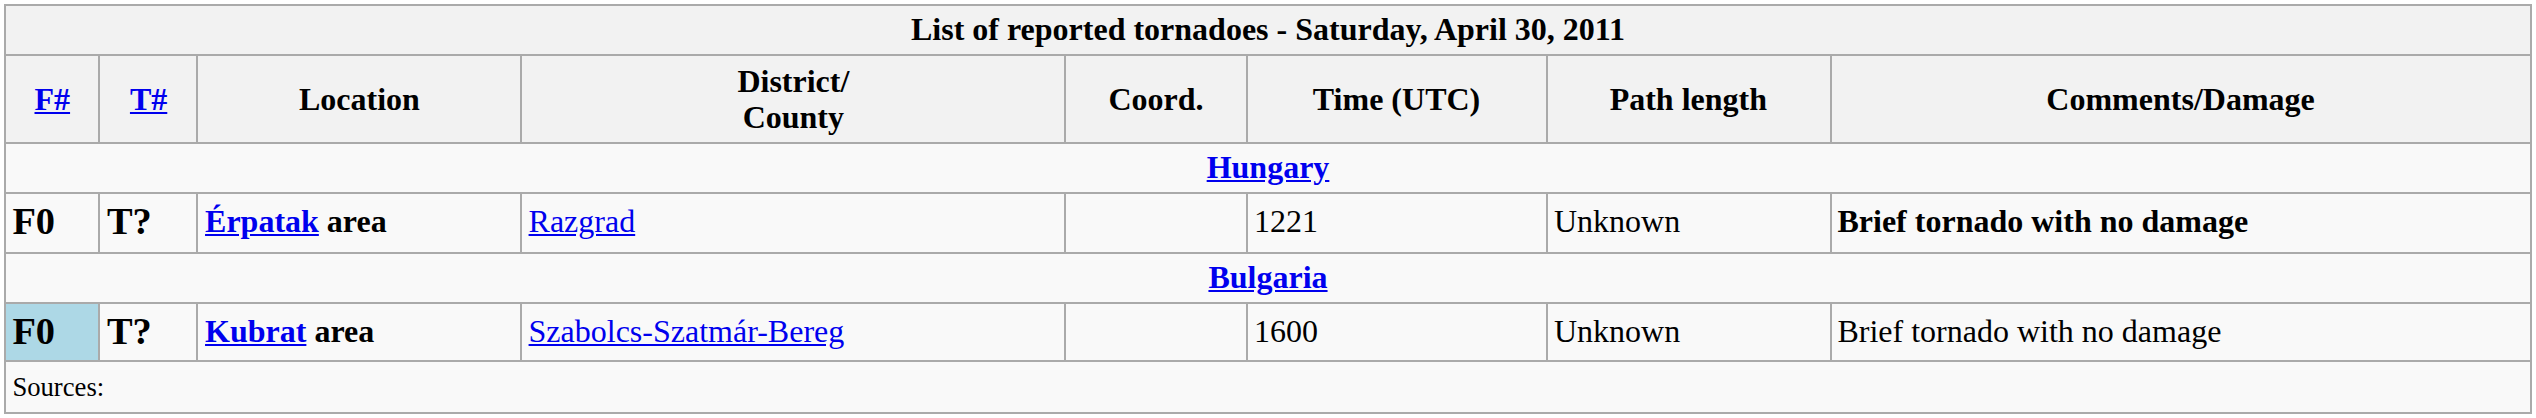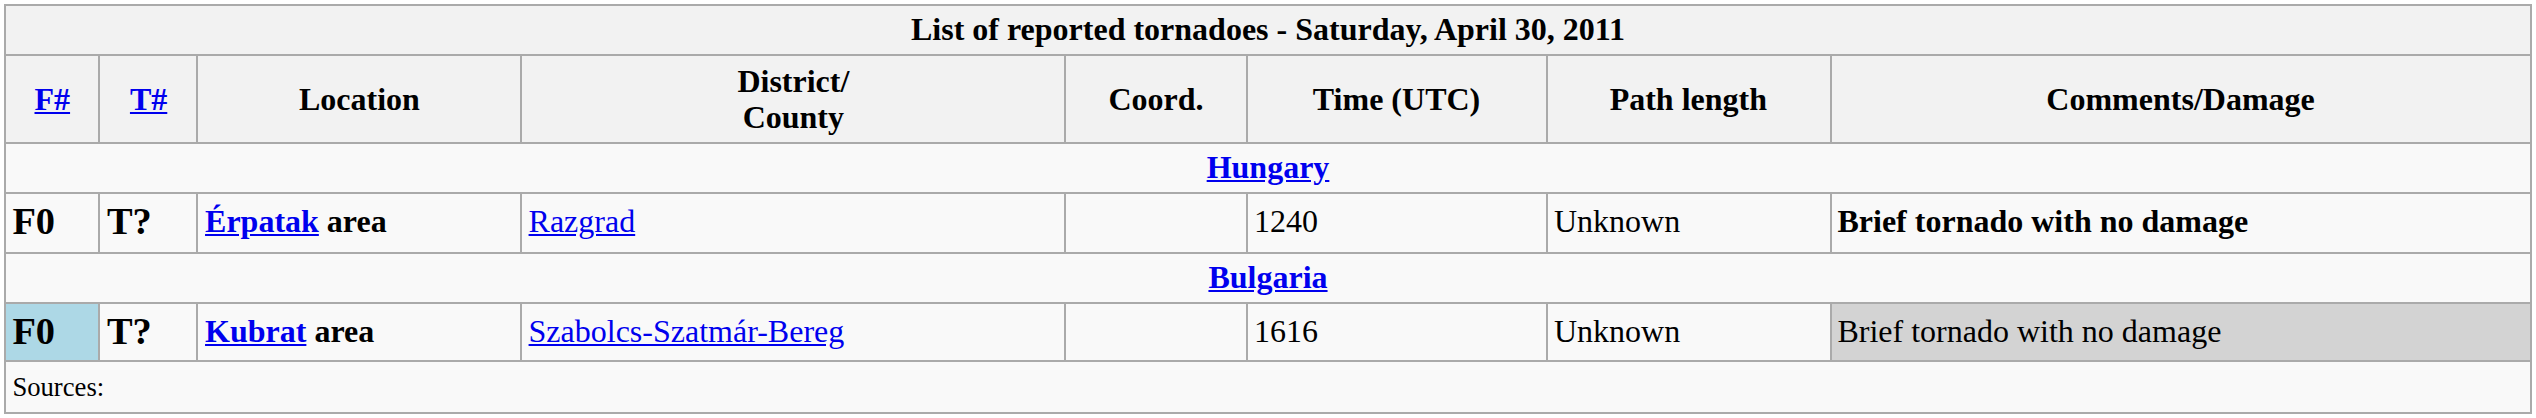 <table class="wikitable collapsible" width="100%">
 <tr>
 <th colspan="8">List of reported tornadoes - Saturday, April 30, 2011</th>
 </tr>
 <tr>
 <th><a href='#'>F#</a></th>
 <th><a href='#'>T#</a></th>
 <th>Location</th>
 <th>District/<br>County</th>
 <th>Coord.</th>
 <th>Time (UTC)</th>
 <th>Path length</th>
 <th>Comments/Damage</th>
 </tr>
 <tr>
 <td colspan="8" align=center><strong><a href='#'>Hungary</a></strong></td>
 </tr>
 <tr>
 <td><big><strong>F0</strong></big></td>
 <td><big><strong>T?</strong></big></td>
 <td><strong><a href='#'>Érpatak</a> area</strong></td>
 <td><a href='#'>Razgrad</a></td>
 <td></td>
-<td>1221</td>
+<td>1240</td>
 <td>Unknown</td>
 <td><strong>Brief tornado with no damage</strong></td>
 </tr>
 <tr>
 <td colspan="8" align=center><strong><a href='#'>Bulgaria</a></strong></td>
 </tr>
 <tr>
 <td style="background: lightblue;"><big><strong>F0</strong></big></td>
 <td><big><strong>T?</strong></big></td>
 <td><strong><a href='#'>Kubrat</a> area</strong></td>
 <td><a href='#'>Szabolcs-Szatmár-Bereg</a></td>
 <td></td>
-<td>1600</td>
+<td>1616</td>
 <td>Unknown</td>
-<td>Brief tornado with no damage</td>
+<td style="background: lightgrey;">Brief tornado with no damage</td>
 </tr>
 <tr>
 <td colspan="8"><small>Sources:  </small></td>
 </tr>
 </table>
